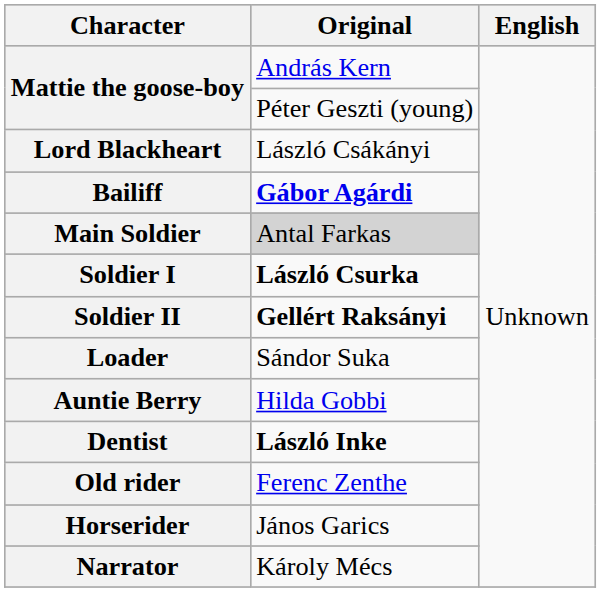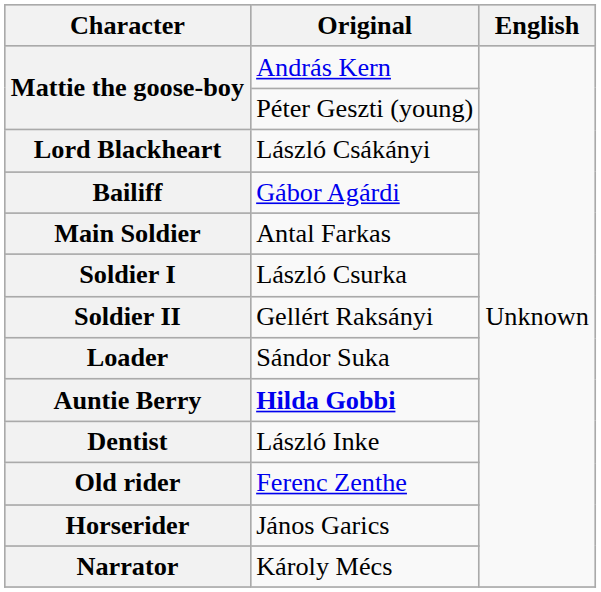 <table class="wikitable">
 <tr>
 <th>Character</th>
 <th>Original</th>
 <th>English</th>
 </tr>
 <tr>
 <th rowspan="2">Mattie the goose-boy</th>
 <td><a href='#'>András Kern</a></td>
 <td rowspan="13">Unknown</td>
 </tr>
 <tr>
 <td>Péter Geszti (young)</td>
 </tr>
 <tr>
 <th>Lord Blackheart</th>
 <td>László Csákányi</td>
 </tr>
 <tr>
 <th>Bailiff</th>
-<td><strong><a href='#'>Gábor Agárdi</a></strong></td>
+<td><a href='#'>Gábor Agárdi</a></td>
 </tr>
 <tr>
 <th>Main Soldier</th>
-<td style="background: lightgrey;">Antal Farkas</td>
+<td>Antal Farkas</td>
 </tr>
 <tr>
 <th>Soldier I</th>
-<td><strong>László Csurka</strong></td>
+<td>László Csurka</td>
 </tr>
 <tr>
 <th>Soldier II</th>
-<td><strong>Gellért Raksányi</strong></td>
+<td>Gellért Raksányi</td>
 </tr>
 <tr>
 <th>Loader</th>
 <td>Sándor Suka</td>
 </tr>
 <tr>
 <th>Auntie Berry</th>
-<td><a href='#'>Hilda Gobbi</a></td>
+<td><strong><a href='#'>Hilda Gobbi</a></strong></td>
 </tr>
 <tr>
 <th>Dentist</th>
-<td><strong>László Inke</strong></td>
+<td>László Inke</td>
 </tr>
 <tr>
 <th>Old rider</th>
 <td><a href='#'>Ferenc Zenthe</a></td>
 </tr>
 <tr>
 <th>Horserider</th>
 <td>János Garics</td>
 </tr>
 <tr>
 <th>Narrator</th>
 <td>Károly Mécs</td>
 </tr>
 </table>
